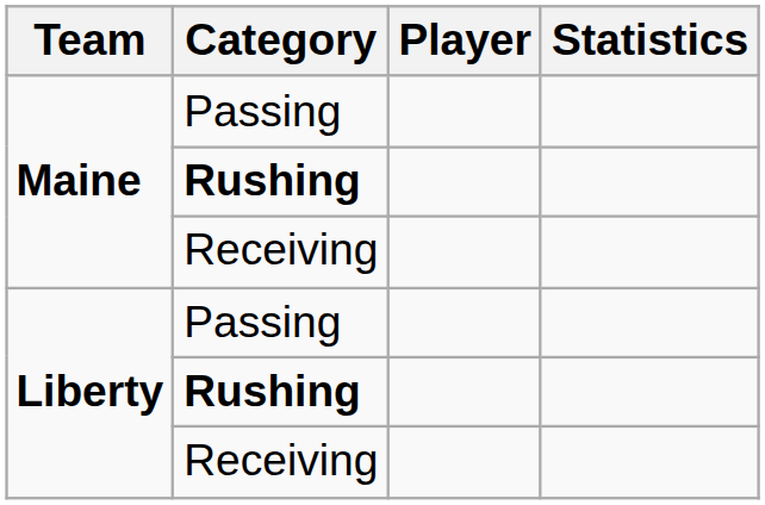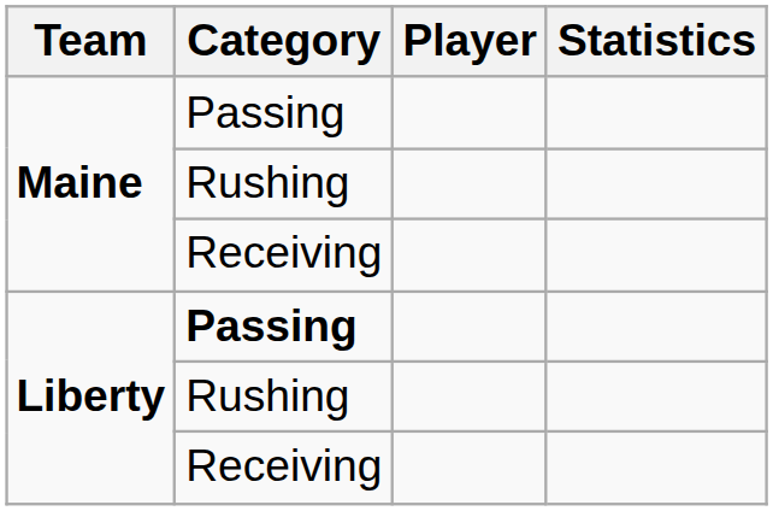 <table class="wikitable" style="float: right;">
 <tr>
 <th>Team</th>
 <th>Category</th>
 <th>Player</th>
 <th>Statistics</th>
 </tr>
 <tr>
 <td rowspan=3><strong>Maine</strong></td>
 <td>Passing</td>
 <td></td>
 <td></td>
 </tr>
 <tr>
-<td><strong>Rushing</strong></td>
+<td>Rushing</td>
 <td></td>
 <td></td>
 </tr>
 <tr>
 <td>Receiving</td>
 <td></td>
 <td></td>
 </tr>
 <tr>
 <td rowspan=3><strong>Liberty</strong></td>
-<td>Passing</td>
+<td><strong>Passing</strong></td>
 <td></td>
 <td></td>
 </tr>
 <tr>
-<td><strong>Rushing</strong></td>
+<td>Rushing</td>
 <td></td>
 <td></td>
 </tr>
 <tr>
 <td>Receiving</td>
 <td></td>
 <td></td>
 </tr>
 </table>
